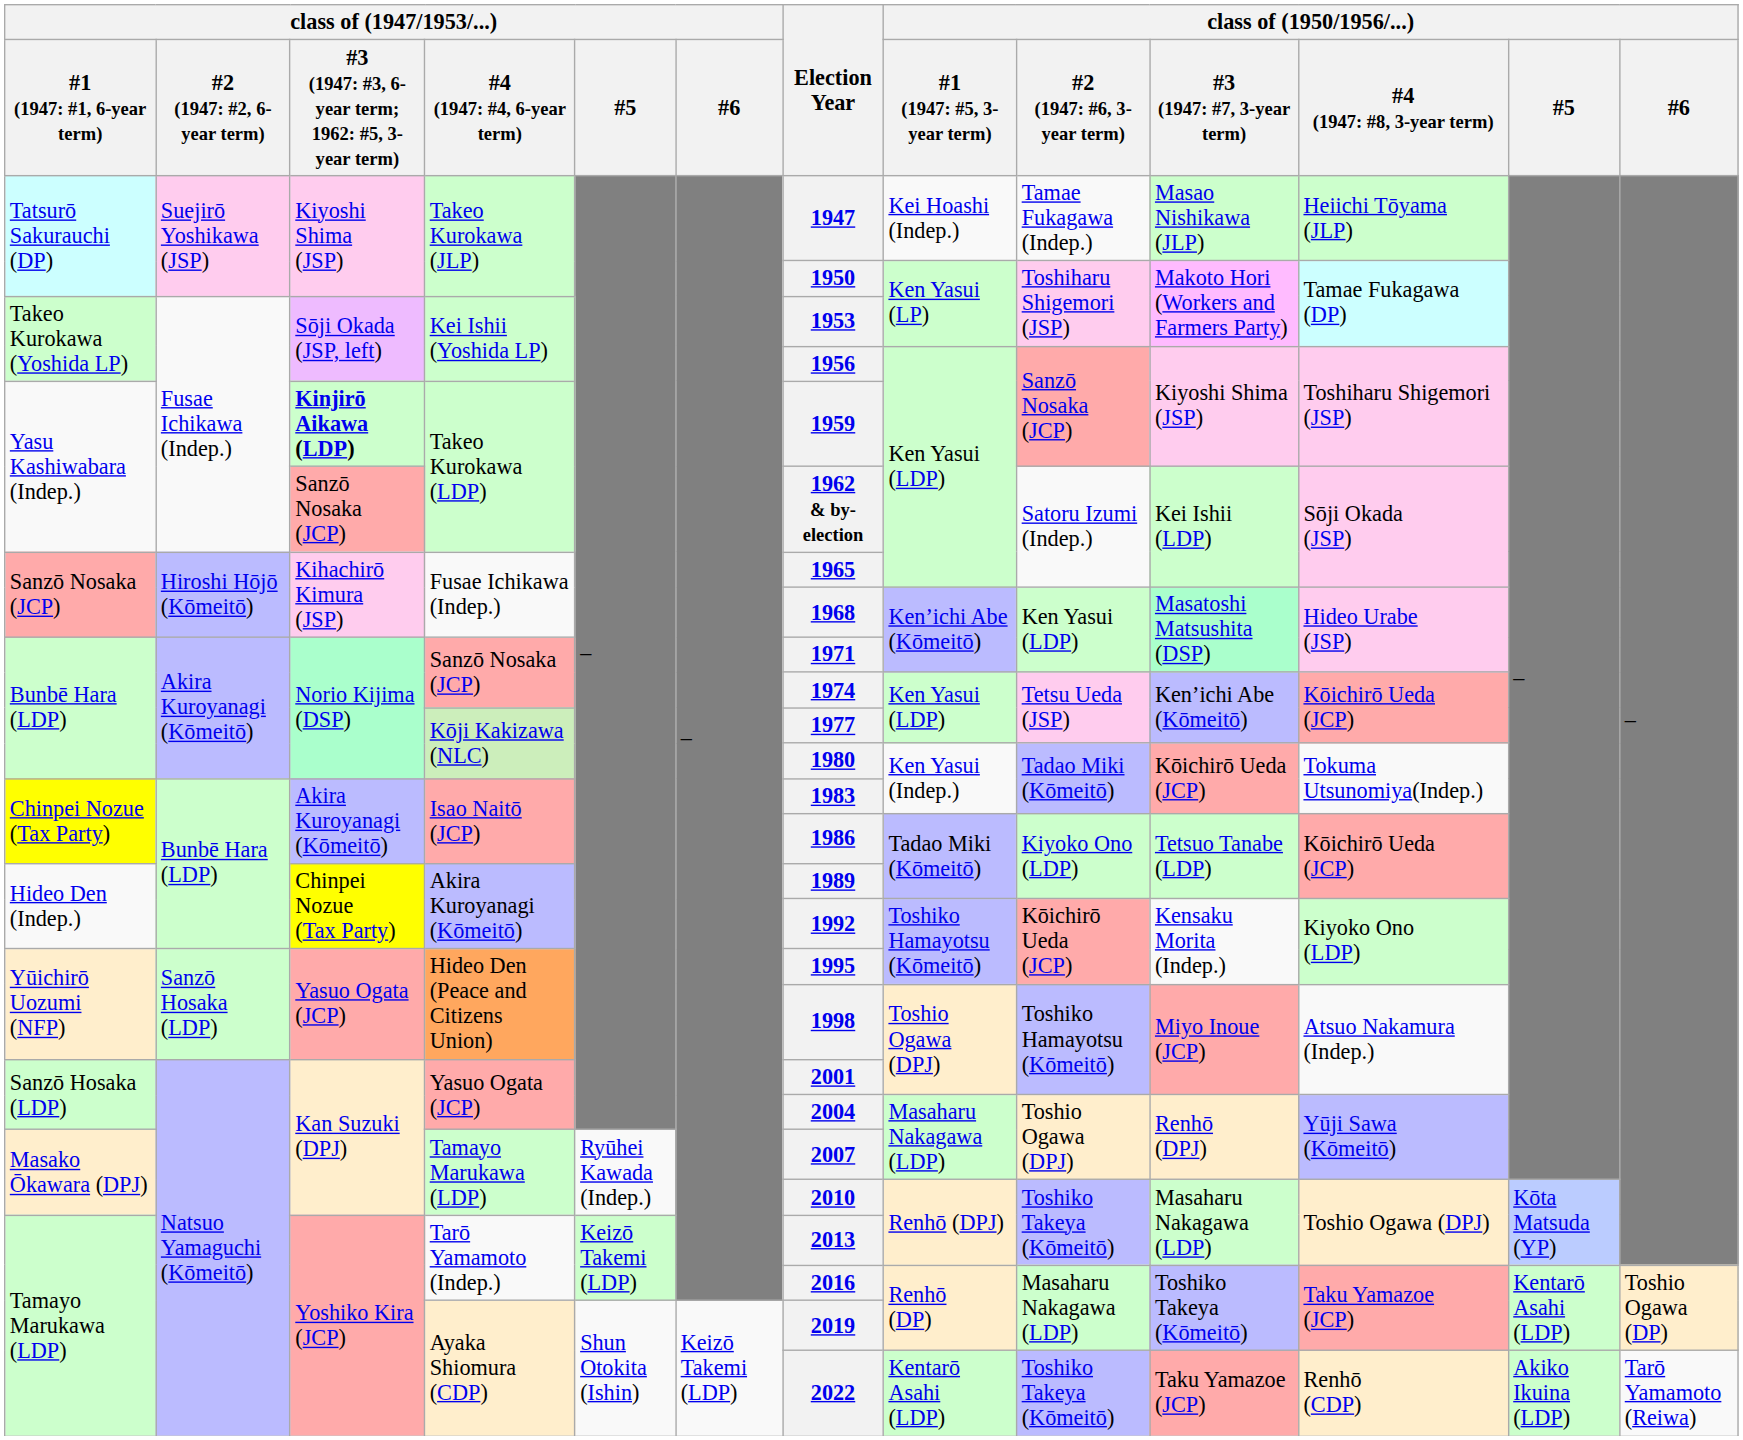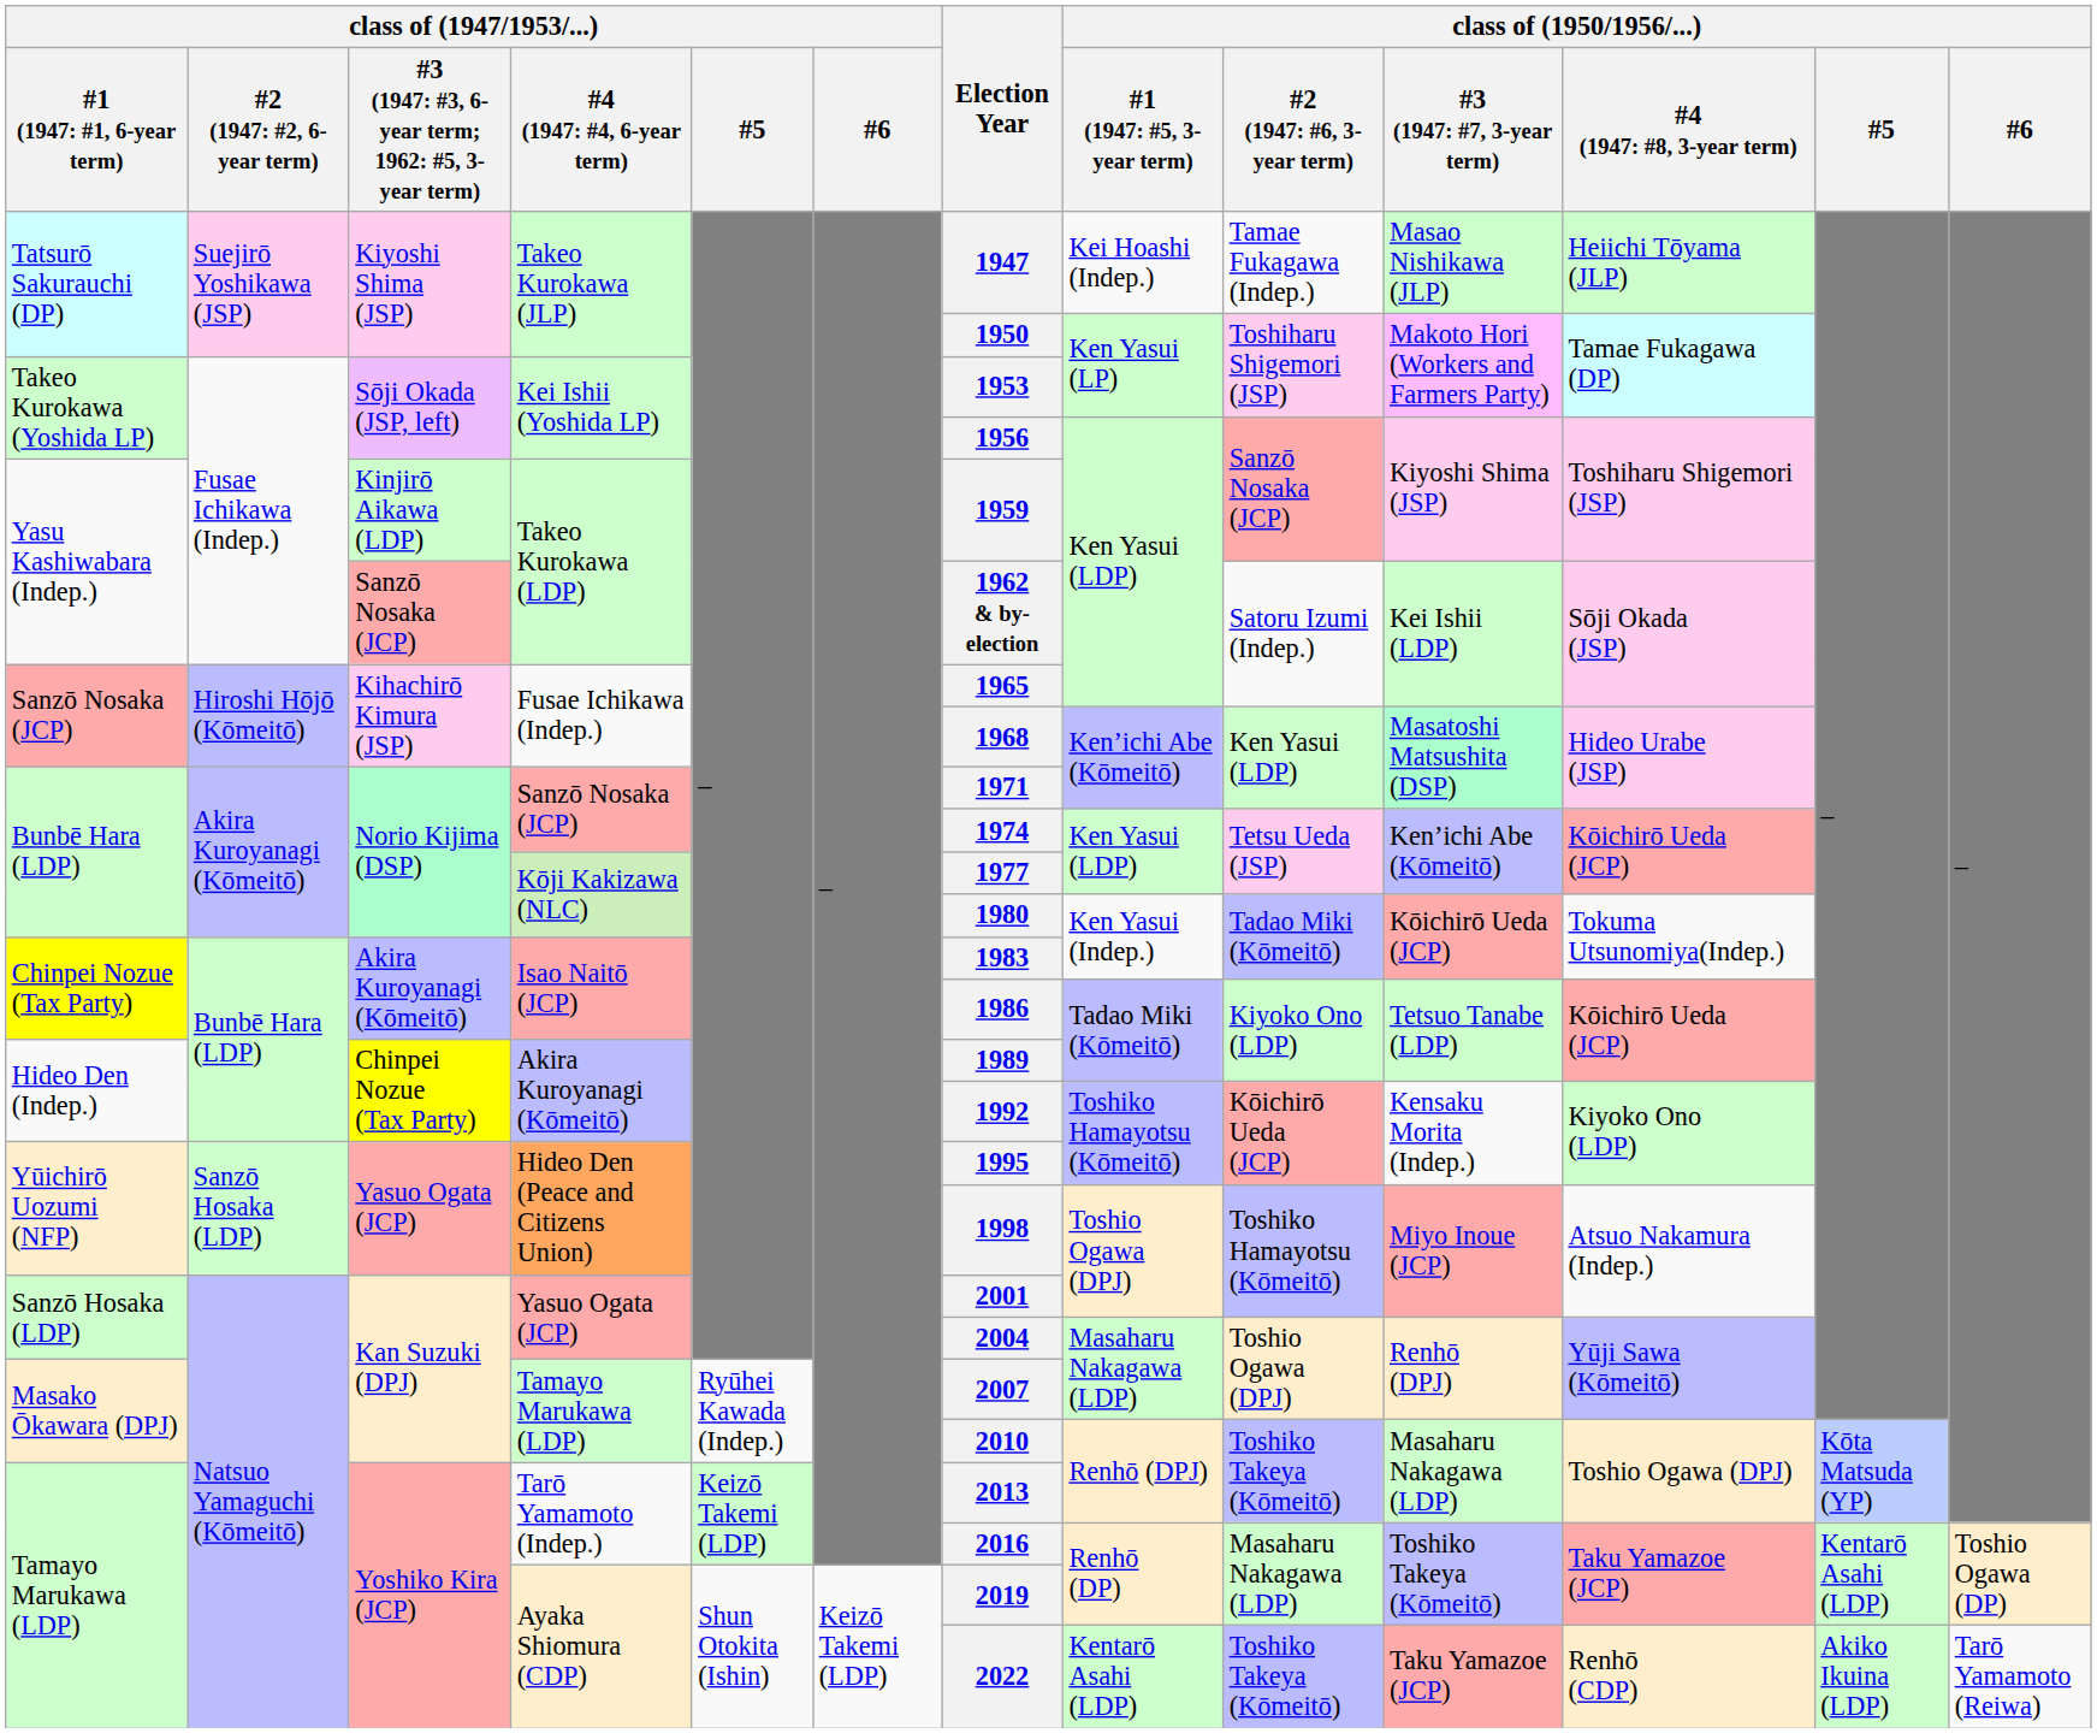 <table class="wikitable" border="1">
 <tr>
 <th colspan="6">class of (1947/1953/...)</th>
 <th rowspan="2">Election Year</th>
 <th colspan="6">class of (1950/1956/...)</th>
 </tr>
 <tr>
 <th>#1<br><small>(1947: #1, 6-year term)</small></th>
 <th>#2<br><small>(1947: #2, 6-year term)</small></th>
 <th>#3<br><small>(1947: #3, 6-year term;<br>1962: #5, 3-year term)</small></th>
 <th>#4<br><small>(1947: #4, 6-year term)</small></th>
 <th>#5</th>
 <th>#6</th>
 <th>#1<br><small>(1947: #5, 3-year term)</small></th>
 <th>#2<br><small>(1947: #6, 3-year term)</small></th>
 <th>#3<br><small>(1947: #7, 3-year term)</small></th>
 <th>#4<br><small>(1947: #8, 3-year term)</small></th>
 <th>#5</th>
 <th>#6</th>
 </tr>
 <tr>
 <td rowspan="2" bgcolor="#CCFFFF"><a href='#'>Tatsurō Sakurauchi</a><br>(<a href='#'>DP</a>)</td>
 <td rowspan="2" bgcolor="#FFCCEE"><a href='#'>Suejirō Yoshikawa</a><br>(<a href='#'>JSP</a>)</td>
 <td rowspan="2" bgcolor="#FFCCEE"><a href='#'>Kiyoshi Shima</a><br>(<a href='#'>JSP</a>)</td>
 <td rowspan="2" bgcolor="#CCFFCC"><a href='#'>Takeo Kurokawa</a><br>(<a href='#'>JLP</a>)</td>
 <td rowspan="20" bgcolor="grey">–</td>
 <td rowspan="24" bgcolor="grey">–</td>
 <th><a href='#'>1947</a></th>
 <td><a href='#'>Kei Hoashi</a><br>(Indep.)</td>
 <td><a href='#'>Tamae Fukagawa</a><br>(Indep.)</td>
 <td bgcolor="#CCFFCC"><a href='#'>Masao Nishikawa</a><br>(<a href='#'>JLP</a>)</td>
 <td bgcolor="#CCFFCC"><a href='#'>Heiichi Tōyama</a><br>(<a href='#'>JLP</a>)</td>
 <td rowspan="21" bgcolor=grey>–</td>
 <td rowspan="23" bgcolor=grey>–</td>
 </tr>
 <tr>
 <th><a href='#'>1950</a></th>
 <td rowspan="2" bgcolor="#CCFFCC"><a href='#'>Ken Yasui</a> (<a href='#'>LP</a>)</td>
 <td rowspan="2" bgcolor="#FFCCEE"><a href='#'>Toshiharu Shigemori</a><br>(<a href='#'>JSP</a>)</td>
 <td rowspan="2" bgcolor="#FFBBFF"><a href='#'>Makoto Hori</a><br>(<a href='#'>Workers and Farmers Party</a>)</td>
 <td rowspan="2" bgcolor="#CCFFFF">Tamae Fukagawa<br>(<a href='#'>DP</a>)</td>
 </tr>
 <tr>
 <td rowspan="2" bgcolor="#CCFFCC">Takeo Kurokawa <br>(<a href='#'>Yoshida LP</a>)</td>
 <td rowspan="4"><a href='#'>Fusae Ichikawa</a><br>(Indep.)</td>
 <td rowspan="2" bgcolor="#EEBBFF"><a href='#'>Sōji Okada</a><br>(<a href='#'>JSP, left</a>)</td>
 <td rowspan="2" bgcolor="#CCFFCC"><a href='#'>Kei Ishii</a><br>(<a href='#'>Yoshida LP</a>)</td>
 <th><a href='#'>1953</a></th>
 </tr>
 <tr>
 <th><a href='#'>1956</a></th>
 <td rowspan="4" bgcolor="#CCFFCC">Ken Yasui<br>(<a href='#'>LDP</a>)</td>
 <td rowspan="2" bgcolor="#FFAAAA"><a href='#'>Sanzō Nosaka</a><br>(<a href='#'>JCP</a>)</td>
 <td rowspan="2" bgcolor="#FFCCEE">Kiyoshi Shima<br>(<a href='#'>JSP</a>)</td>
 <td rowspan="2" bgcolor="#FFCCEE">Toshiharu Shigemori<br>(<a href='#'>JSP</a>)</td>
 </tr>
 <tr>
 <td rowspan="2"><a href='#'>Yasu Kashiwabara</a><br>(Indep.)</td>
-<td bgcolor="#CCFFCC"><strong><a href='#'>Kinjirō Aikawa</a><br>(<a href='#'>LDP</a>)</strong></td>
+<td bgcolor="#CCFFCC"><a href='#'>Kinjirō Aikawa</a><br>(<a href='#'>LDP</a>)</td>
 <td rowspan="2" bgcolor="#CCFFCC">Takeo Kurokawa<br>(<a href='#'>LDP</a>)</td>
 <th><a href='#'>1959</a></th>
 </tr>
 <tr>
 <td bgcolor="#FFAAAA">Sanzō Nosaka<br>(<a href='#'>JCP</a>) </td>
 <th><a href='#'>1962</a><br><small>& by-election</small></th>
 <td rowspan="2"><a href='#'>Satoru Izumi</a><br>(Indep.)</td>
 <td rowspan="2" bgcolor="#CCFFCC">Kei Ishii<br>(<a href='#'>LDP</a>)</td>
 <td rowspan="2" bgcolor="#FFCCEE">Sōji Okada<br>(<a href='#'>JSP</a>)</td>
 </tr>
 <tr>
 <td rowspan="2" bgcolor="#FFAAAA">Sanzō Nosaka<br>(<a href='#'>JCP</a>)</td>
 <td rowspan="2" bgcolor="#BBBBFF"><a href='#'>Hiroshi Hōjō</a><br>(<a href='#'>Kōmeitō</a>)</td>
 <td rowspan="2" bgcolor="#FFCCEE"><a href='#'>Kihachirō Kimura</a><br>(<a href='#'>JSP</a>)</td>
 <td rowspan="2">Fusae Ichikawa<br>(Indep.)</td>
 <th><a href='#'>1965</a></th>
 </tr>
 <tr>
 <th><a href='#'>1968</a></th>
 <td rowspan="2" bgcolor="#BBBBFF"><a href='#'>Ken’ichi Abe</a><br>(<a href='#'>Kōmeitō</a>)</td>
 <td rowspan="2" bgcolor="#CCFFCC">Ken Yasui<br>(<a href='#'>LDP</a>)</td>
 <td rowspan="2" bgcolor="#AAFFCC"><a href='#'>Masatoshi Matsushita</a><br>(<a href='#'>DSP</a>)</td>
 <td rowspan="2" bgcolor="#FFCCEE"><a href='#'>Hideo Urabe</a><br>(<a href='#'>JSP</a>)</td>
 </tr>
 <tr>
 <td rowspan="4" bgcolor="#CCFFCC"><a href='#'>Bunbē Hara</a><br>(<a href='#'>LDP</a>)</td>
 <td rowspan="4" bgcolor="#BBBBFF"><a href='#'>Akira Kuroyanagi</a><br>(<a href='#'>Kōmeitō</a>)</td>
 <td rowspan="4" bgcolor="#AAFFCC"><a href='#'>Norio Kijima</a><br>(<a href='#'>DSP</a>)</td>
 <td rowspan="2" bgcolor="#FFAAAA">Sanzō Nosaka<br>(<a href='#'>JCP</a>)</td>
 <th><a href='#'>1971</a></th>
 </tr>
 <tr>
 <th><a href='#'>1974</a></th>
 <td rowspan="2" bgcolor="#CCFFCC"><a href='#'>Ken Yasui</a><br>(<a href='#'>LDP</a>)</td>
 <td rowspan="2" bgcolor="#FFCCEE"><a href='#'>Tetsu Ueda</a><br>(<a href='#'>JSP</a>)</td>
 <td rowspan="2" bgcolor="#BBBBFF">Ken’ichi Abe<br>(<a href='#'>Kōmeitō</a>)</td>
 <td rowspan="2" bgcolor="#FFAAAA"><a href='#'>Kōichirō Ueda</a><br>(<a href='#'>JCP</a>)</td>
 </tr>
 <tr>
 <td rowspan="2" bgcolor="#CCEEBB"><a href='#'>Kōji Kakizawa</a><br>(<a href='#'>NLC</a>)</td>
 <th><a href='#'>1977</a></th>
 </tr>
 <tr>
 <th><a href='#'>1980</a></th>
 <td rowspan="2"><a href='#'>Ken Yasui</a><br>(Indep.)</td>
 <td rowspan="2" bgcolor="#BBBBFF"><a href='#'>Tadao Miki</a><br>(<a href='#'>Kōmeitō</a>)</td>
 <td rowspan="2" bgcolor="#FFAAAA">Kōichirō Ueda<br>(<a href='#'>JCP</a>)</td>
 <td rowspan="2"><a href='#'>Tokuma Utsunomiya</a>(Indep.)</td>
 </tr>
 <tr>
 <td rowspan="2" bgcolor="#FFFF00"><a href='#'>Chinpei Nozue</a><br>(<a href='#'>Tax Party</a>)</td>
 <td rowspan="4" bgcolor="#CCFFCC"><a href='#'>Bunbē Hara</a><br>(<a href='#'>LDP</a>)</td>
 <td rowspan="2" bgcolor="#BBBBFF"><a href='#'>Akira Kuroyanagi</a><br>(<a href='#'>Kōmeitō</a>)</td>
 <td rowspan="2" bgcolor="#FFAAAA"><a href='#'>Isao Naitō</a><br>(<a href='#'>JCP</a>)</td>
 <th><a href='#'>1983</a></th>
 </tr>
 <tr>
 <th><a href='#'>1986</a></th>
 <td rowspan="2" bgcolor="#BBBBFF">Tadao Miki<br>(<a href='#'>Kōmeitō</a>)</td>
 <td rowspan="2" bgcolor="#CCFFCC"><a href='#'>Kiyoko Ono</a><br>(<a href='#'>LDP</a>)</td>
 <td rowspan="2" bgcolor="#CCFFCC"><a href='#'>Tetsuo Tanabe</a><br>(<a href='#'>LDP</a>)</td>
 <td rowspan="2" bgcolor="#FFAAAA">Kōichirō Ueda<br>(<a href='#'>JCP</a>)</td>
 </tr>
 <tr>
 <td rowspan="2"><a href='#'>Hideo Den</a><br>(Indep.)</td>
 <td rowspan="2" bgcolor="#FFFF00">Chinpei Nozue<br>(<a href='#'>Tax Party</a>)</td>
 <td rowspan="2" bgcolor="#BBBBFF">Akira Kuroyanagi<br>(<a href='#'>Kōmeitō</a>)</td>
 <th><a href='#'>1989</a></th>
 </tr>
 <tr>
 <th><a href='#'>1992</a></th>
 <td rowspan="2" bgcolor="#BBBBFF"><a href='#'>Toshiko Hamayotsu</a><br>(<a href='#'>Kōmeitō</a>)</td>
 <td rowspan="2" bgcolor="#FFAAAA">Kōichirō Ueda<br>(<a href='#'>JCP</a>)</td>
 <td rowspan="2"><a href='#'>Kensaku Morita</a><br>(Indep.)</td>
 <td rowspan="2" bgcolor="#CCFFCC">Kiyoko Ono<br>(<a href='#'>LDP</a>)</td>
 </tr>
 <tr>
 <td rowspan="2" bgcolor="#FFEECC"><a href='#'>Yūichirō Uozumi</a><br>(<a href='#'>NFP</a>)</td>
 <td rowspan="2" bgcolor="#CCFFCC"><a href='#'>Sanzō Hosaka</a><br>(<a href='#'>LDP</a>)</td>
 <td rowspan="2" bgcolor="#FFAAAA"><a href='#'>Yasuo Ogata</a><br>(<a href='#'>JCP</a>)</td>
 <td rowspan="2" bgcolor="#FFA75E">Hideo Den<br>(Peace and Citizens Union)</td>
 <th><a href='#'>1995</a></th>
 </tr>
 <tr>
 <th><a href='#'>1998</a></th>
 <td rowspan="2" bgcolor="#FFEECC"><a href='#'>Toshio Ogawa</a><br>(<a href='#'>DPJ</a>)</td>
 <td rowspan="2" bgcolor="#BBBBFF">Toshiko Hamayotsu<br>(<a href='#'>Kōmeitō</a>)</td>
 <td rowspan="2" bgcolor="#FFAAAA"><a href='#'>Miyo Inoue</a><br>(<a href='#'>JCP</a>)</td>
 <td rowspan="2"><a href='#'>Atsuo Nakamura</a><br>(Indep.)</td>
 </tr>
 <tr>
 <td rowspan="2" bgcolor="#CCFFCC">Sanzō Hosaka<br>(<a href='#'>LDP</a>)</td>
 <td rowspan="8" bgcolor="#BBBBFF"><a href='#'>Natsuo Yamaguchi</a><br>(<a href='#'>Kōmeitō</a>)</td>
 <td rowspan="4" bgcolor="#FFEECC"><a href='#'>Kan Suzuki</a><br>(<a href='#'>DPJ</a>)</td>
 <td rowspan="2" bgcolor="#FFAAAA">Yasuo Ogata<br>(<a href='#'>JCP</a>)</td>
 <th><a href='#'>2001</a></th>
 </tr>
 <tr>
 <th><a href='#'>2004</a></th>
 <td rowspan="2" bgcolor="#CCFFCC"><a href='#'>Masaharu Nakagawa</a><br>(<a href='#'>LDP</a>)</td>
 <td rowspan="2" bgcolor="#FFEECC">Toshio Ogawa<br>(<a href='#'>DPJ</a>)</td>
 <td rowspan="2" bgcolor="#FFEECC"><a href='#'>Renhō</a><br>(<a href='#'>DPJ</a>)</td>
 <td rowspan="2" bgcolor="#BBBBFF"><a href='#'>Yūji Sawa</a><br>(<a href='#'>Kōmeitō</a>)</td>
 </tr>
 <tr>
 <td rowspan="2" bgcolor="#FFEECC"><a href='#'>Masako Ōkawara</a> (<a href='#'>DPJ</a>)</td>
 <td rowspan="2" bgcolor="#CCFFCC"><a href='#'>Tamayo Marukawa</a><br>(<a href='#'>LDP</a>)</td>
 <td rowspan="2"><a href='#'>Ryūhei Kawada</a><br>(Indep.)</td>
 <th><a href='#'>2007</a></th>
 </tr>
 <tr>
 <th><a href='#'>2010</a></th>
 <td rowspan="2" bgcolor="#FFEECC"><a href='#'>Renhō</a> (<a href='#'>DPJ</a>)</td>
 <td rowspan="2" bgcolor="#BBBBFF"><a href='#'>Toshiko Takeya</a><br>(<a href='#'>Kōmeitō</a>)</td>
 <td rowspan="2" bgcolor="#CCFFCC">Masaharu Nakagawa<br>(<a href='#'>LDP</a>)</td>
 <td rowspan="2" bgcolor="#FFEECC">Toshio Ogawa (<a href='#'>DPJ</a>)</td>
 <td rowspan="2" bgcolor="#BBCCFF"><a href='#'>Kōta Matsuda</a> (<a href='#'>YP</a>)</td>
 </tr>
 <tr>
 <td rowspan="4" bgcolor="#CCFFCC">Tamayo Marukawa<br>(<a href='#'>LDP</a>)</td>
 <td rowspan="4" bgcolor="#FFAAAA"><a href='#'>Yoshiko Kira</a><br>(<a href='#'>JCP</a>)</td>
 <td rowspan="2"><a href='#'>Tarō Yamamoto</a><br>(Indep.)</td>
 <td rowspan="2" bgcolor="#CCFFCC"><a href='#'>Keizō Takemi</a><br>(<a href='#'>LDP</a>)</td>
 <th><a href='#'>2013</a></th>
 </tr>
 <tr>
 <th><a href='#'>2016</a></th>
 <td rowspan="2" bgcolor="#FFEECC"><a href='#'>Renhō</a><br>(<a href='#'>DP</a>)</td>
 <td rowspan="2" bgcolor="#CCFFCC">Masaharu Nakagawa<br>(<a href='#'>LDP</a>)</td>
 <td rowspan="2" bgcolor="#BBBBFF">Toshiko Takeya<br>(<a href='#'>Kōmeitō</a>)</td>
 <td rowspan="2" bgcolor="#FFAAAA"><a href='#'>Taku Yamazoe</a><br>(<a href='#'>JCP</a>)</td>
 <td rowspan="2" bgcolor="#CCFFCC"><a href='#'>Kentarō Asahi</a><br>(<a href='#'>LDP</a>)</td>
 <td rowspan="2" bgcolor="#FFEECC">Toshio Ogawa<br>(<a href='#'>DP</a>)</td>
 </tr>
 <tr>
 <td rowspan="2" bgcolor="#FFEECC">Ayaka Shiomura<br>(<a href='#'>CDP</a>)</td>
 <td rowspan="2"><a href='#'>Shun Otokita</a><br>(<a href='#'>Ishin</a>)</td>
 <td rowspan="2"><a href='#'>Keizō Takemi</a> (<a href='#'>LDP</a>)</td>
 <th><a href='#'>2019</a></th>
 </tr>
 <tr>
 <th><a href='#'>2022</a></th>
 <td bgcolor="#CCFFCC"><a href='#'>Kentarō Asahi</a><br>(<a href='#'>LDP</a>)</td>
 <td bgcolor="#BBBBFF"><a href='#'>Toshiko Takeya</a><br>(<a href='#'>Kōmeitō</a>)</td>
 <td bgcolor="#FFAAAA">Taku Yamazoe<br>(<a href='#'>JCP</a>)</td>
 <td bgcolor="#FFEECC">Renhō<br>(<a href='#'>CDP</a>)</td>
 <td bgcolor="#CCFFCC"><a href='#'>Akiko Ikuina</a><br>(<a href='#'>LDP</a>)</td>
 <td><a href='#'>Tarō Yamamoto</a><br>(<a href='#'>Reiwa</a>)</td>
 </tr>
 </table>
